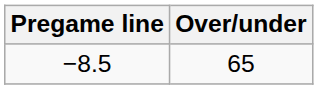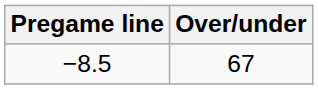 <table class="wikitable" style="margin-left: auto; margin-right: auto; border: none; display: inline-table;">
 <tr align="center">
 <th style=>Pregame line</th>
 <th style=>Over/under</th>
 </tr>
 <tr align="center">
 <td>−8.5</td>
-<td>65</td>
+<td>67</td>
 </tr>
 </table>
